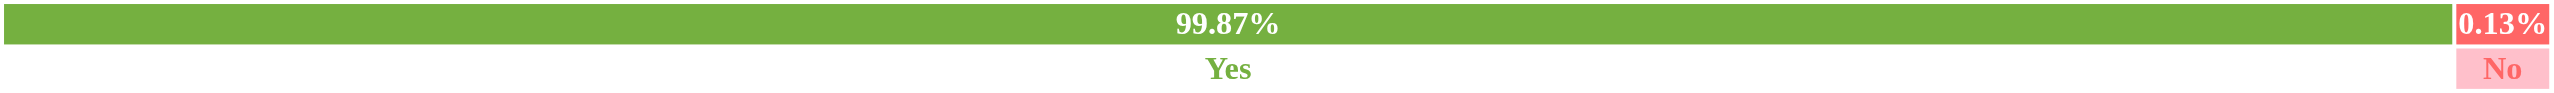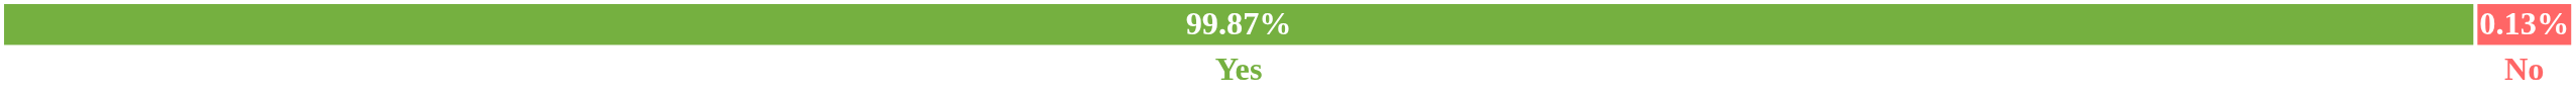 <table style="width:100%; font-weight:bold; text-align:center">
 <tr style="color:white;">
 <td style="background:#75B040; width:99.87%; ">99.87%</td>
 <td style="background:#f66; width:0.13%; ">0.13%</td>
 </tr>
 <tr>
 <td style="color:#75B040;">Yes</td>
-<td style="background: pink; color:#f66;">No</td>
+<td style="color:#f66;">No</td>
 </tr>
 </table>
